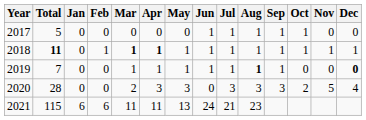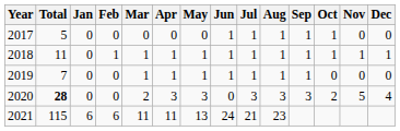 <table class="wikitable" style="text-align:right;">
 <tr>
 <th>Year</th>
 <th>Total</th>
 <th>Jan</th>
 <th>Feb</th>
 <th>Mar</th>
 <th>Apr</th>
 <th>May</th>
 <th>Jun</th>
 <th>Jul</th>
 <th>Aug</th>
 <th>Sep</th>
 <th>Oct</th>
 <th>Nov</th>
 <th>Dec</th>
 </tr>
 <tr align=right>
 <td>2017</td>
 <td>5</td>
 <td>0</td>
 <td>0</td>
 <td>0</td>
 <td>0</td>
 <td>0</td>
 <td>1</td>
 <td>1</td>
 <td>1</td>
 <td>1</td>
 <td>1</td>
 <td>0</td>
 <td>0</td>
 </tr>
 <tr align=right>
 <td>2018</td>
-<td><strong>11</strong></td>
+<td>11</td>
 <td>0</td>
 <td>1</td>
-<td><strong>1</strong></td>
-<td><strong>1</strong></td>
+<td>1</td>
+<td>1</td>
 <td>1</td>
 <td>1</td>
 <td>1</td>
 <td>1</td>
 <td>1</td>
 <td>1</td>
 <td>1</td>
 <td>1</td>
 </tr>
 <tr align=right>
 <td>2019</td>
 <td>7</td>
 <td>0</td>
 <td>0</td>
 <td>1</td>
 <td>1</td>
 <td>1</td>
 <td>1</td>
 <td>1</td>
-<td><strong>1</strong></td>
+<td>1</td>
 <td>1</td>
 <td>0</td>
 <td>0</td>
-<td><strong>0</strong></td>
+<td>0</td>
 </tr>
 <tr align=right>
 <td>2020</td>
-<td>28</td>
+<td><strong>28</strong></td>
 <td>0</td>
 <td>0</td>
 <td>2</td>
 <td>3</td>
 <td>3</td>
 <td>0</td>
 <td>3</td>
 <td>3</td>
 <td>3</td>
 <td>2</td>
 <td>5</td>
 <td>4</td>
 </tr>
 <tr align=right>
 <td>2021</td>
 <td>115</td>
 <td>6</td>
 <td>6</td>
 <td>11</td>
 <td>11</td>
 <td>13</td>
 <td>24</td>
 <td>21</td>
 <td>23</td>
 <td></td>
 <td></td>
 <td></td>
 </tr>
 </table>
